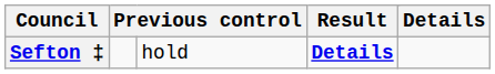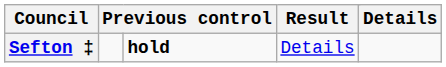 <table class="wikitable sortable" border="1">
 <tr>
 <th scope="col">Council</th>
 <th colspan=2>Previous control</th>
 <th colspan=2>Result</th>
 <th class="unsortable" scope="col">Details</th>
 </tr>
 <tr>
 <th scope="row" style="text-align: left;"><a href='#'>Sefton</a> ‡</th>
 <td></td>
-<td> hold</td>
-<td><strong><a href='#'>Details</a></strong></td>
+<td><strong> hold</strong></td>
+<td><a href='#'>Details</a></td>
 </tr>
 </table>
